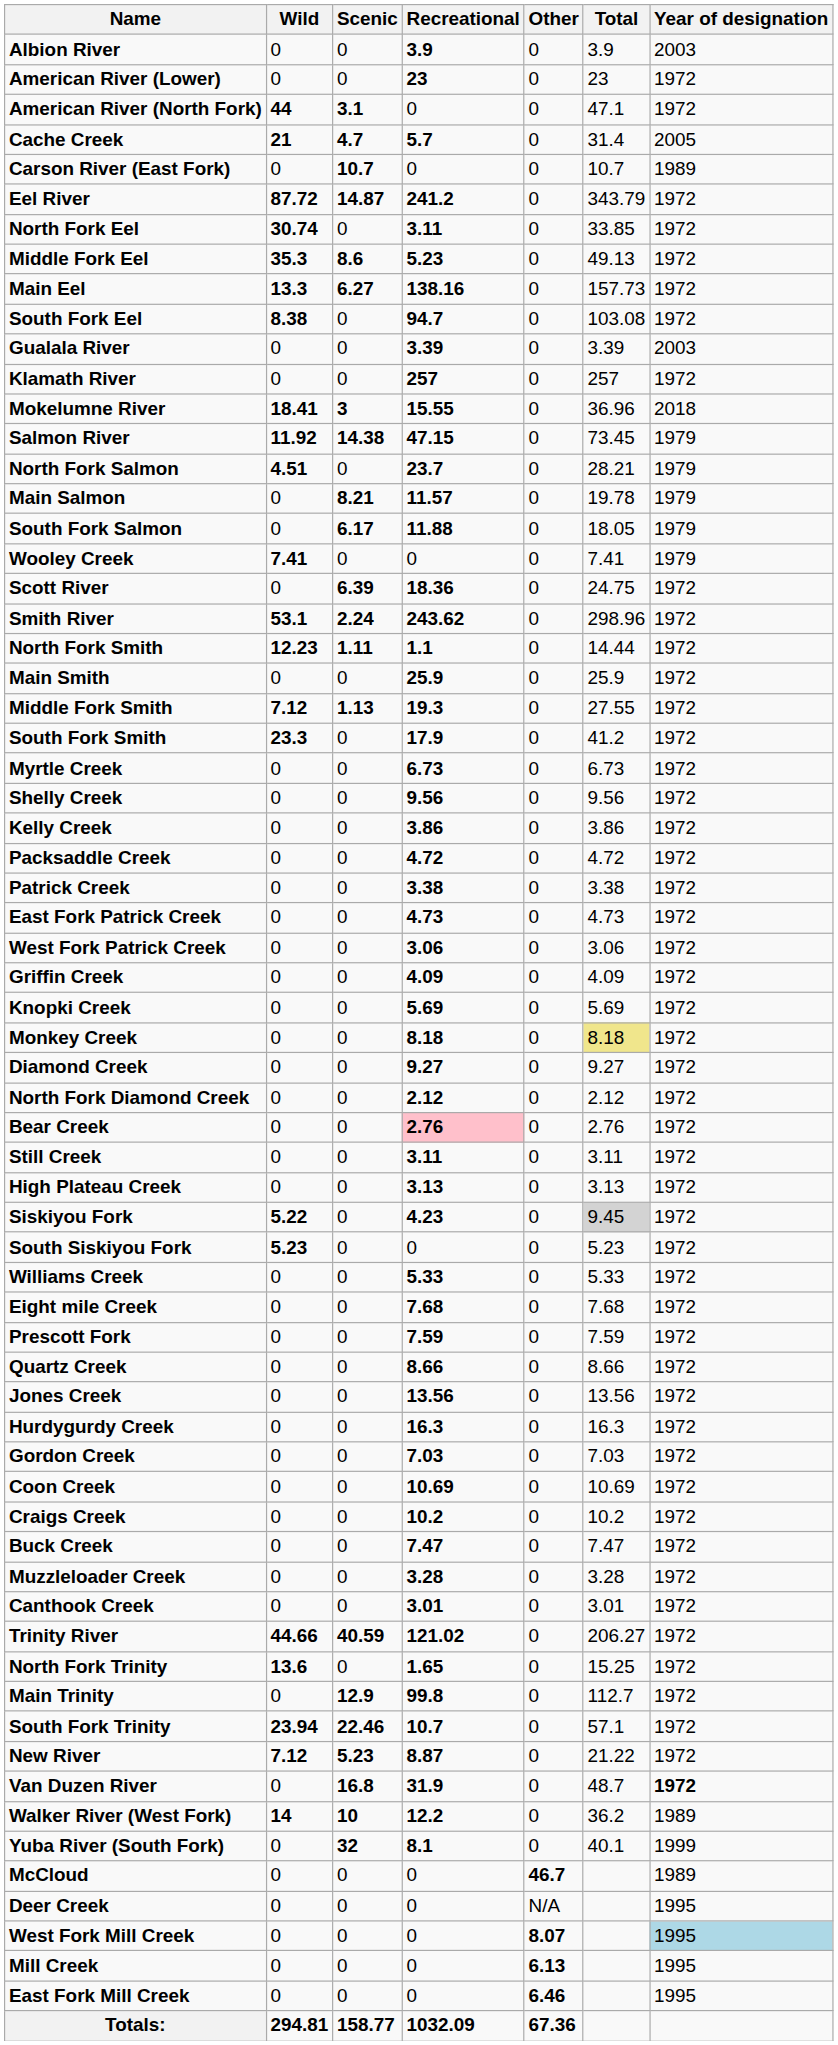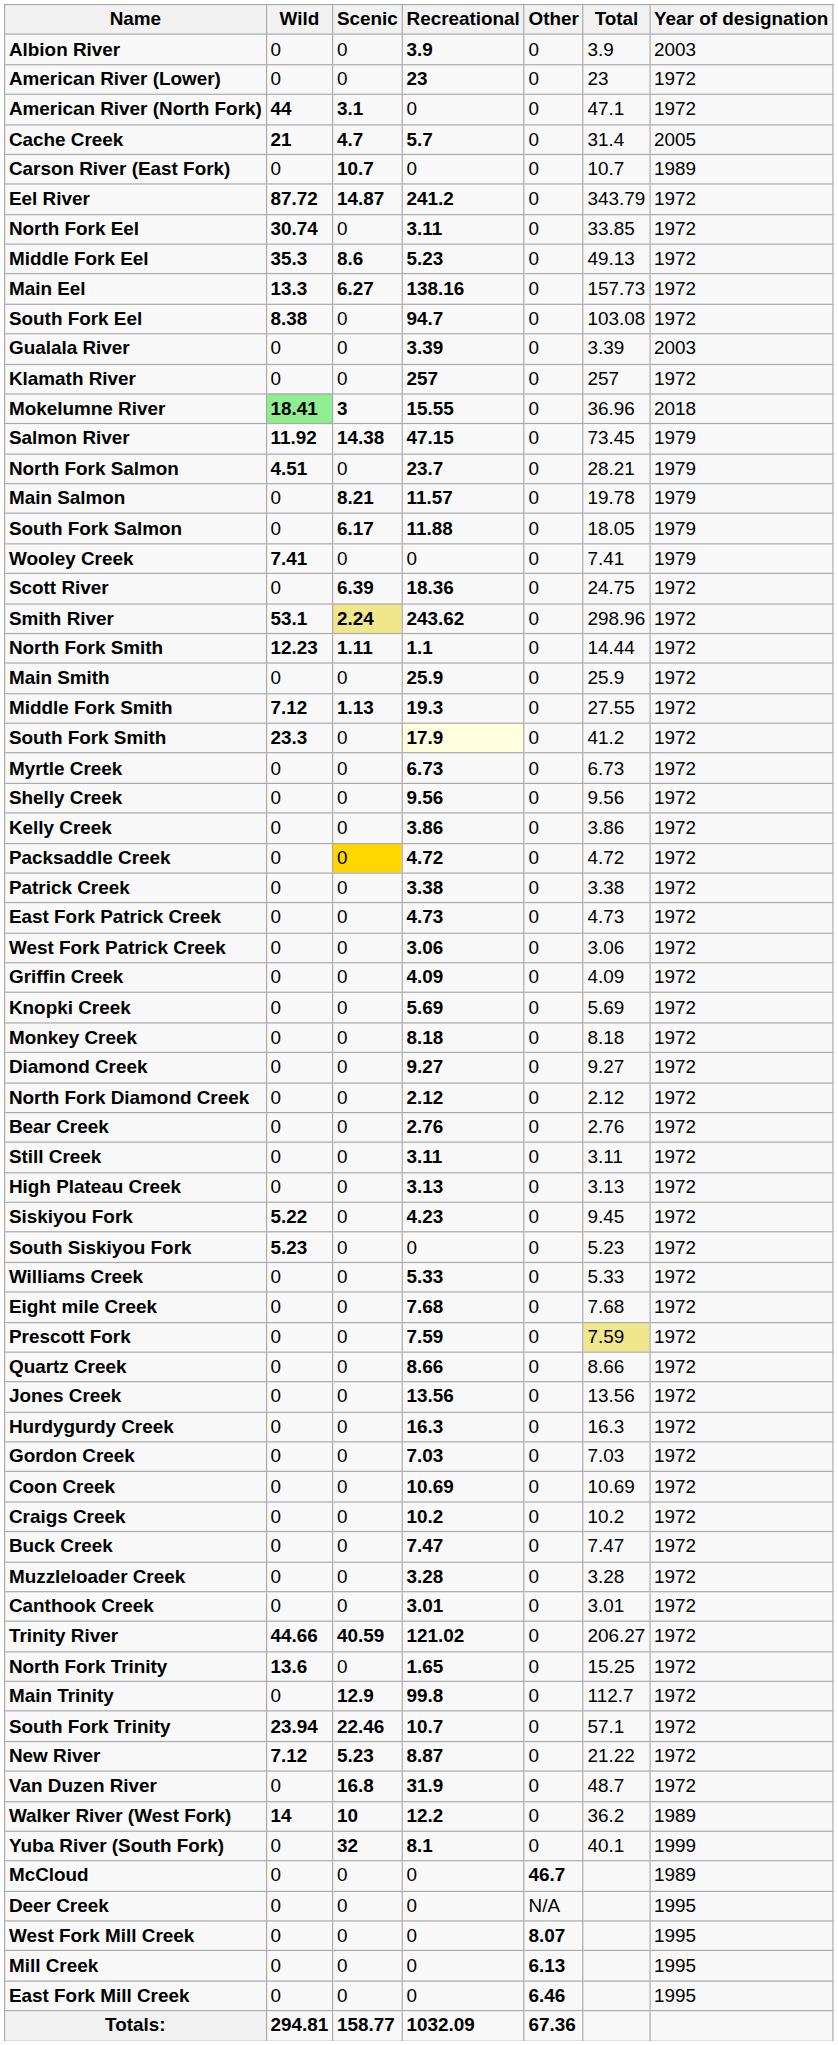 <table class="wikitable sortable mw-collapsible">
 <tr>
 <th><strong>Name</strong></th>
 <th><strong>Wild</strong></th>
 <th><strong>Scenic</strong></th>
 <th><strong>Recreational</strong></th>
 <th><strong>Other</strong></th>
 <th><strong>Total</strong></th>
 <th><strong>Year of designation</strong></th>
 </tr>
 <tr>
 <td><strong>Albion River</strong></td>
 <td>0</td>
 <td>0</td>
 <td><strong>3.9</strong></td>
 <td>0</td>
 <td>3.9</td>
 <td>2003</td>
 </tr>
 <tr>
 <td><strong>American River (Lower)</strong></td>
 <td>0</td>
 <td>0</td>
 <td><strong>23</strong></td>
 <td>0</td>
 <td>23</td>
 <td>1972</td>
 </tr>
 <tr>
 <td><strong>American River (North Fork)</strong></td>
 <td><strong>44</strong></td>
 <td><strong>3.1</strong></td>
 <td>0</td>
 <td>0</td>
 <td>47.1</td>
 <td>1972</td>
 </tr>
 <tr>
 <td><strong>Cache Creek</strong></td>
 <td><strong>21</strong></td>
 <td><strong>4.7</strong></td>
 <td><strong>5.7</strong></td>
 <td>0</td>
 <td>31.4</td>
 <td>2005</td>
 </tr>
 <tr>
 <td><strong>Carson River (East Fork)</strong></td>
 <td>0</td>
 <td><strong>10.7</strong></td>
 <td>0</td>
 <td>0</td>
 <td>10.7</td>
 <td>1989</td>
 </tr>
 <tr>
 <td><strong>Eel River</strong></td>
 <td><strong>87.72</strong></td>
 <td><strong>14.87</strong></td>
 <td><strong>241.2</strong></td>
 <td>0</td>
 <td>343.79</td>
 <td>1972</td>
 </tr>
 <tr>
 <td><strong>North Fork Eel</strong></td>
 <td><strong>30.74</strong></td>
 <td>0</td>
 <td><strong>3.11</strong></td>
 <td>0</td>
 <td>33.85</td>
 <td>1972</td>
 </tr>
 <tr>
 <td><strong>Middle Fork Eel</strong></td>
 <td><strong>35.3</strong></td>
 <td><strong>8.6</strong></td>
 <td><strong>5.23</strong></td>
 <td>0</td>
 <td>49.13</td>
 <td>1972</td>
 </tr>
 <tr>
 <td><strong>Main Eel</strong></td>
 <td><strong>13.3</strong></td>
 <td><strong>6.27</strong></td>
 <td><strong>138.16</strong></td>
 <td>0</td>
 <td>157.73</td>
 <td>1972</td>
 </tr>
 <tr>
 <td><strong>South Fork Eel</strong></td>
 <td><strong>8.38</strong></td>
 <td>0</td>
 <td><strong>94.7</strong></td>
 <td>0</td>
 <td>103.08</td>
 <td>1972</td>
 </tr>
 <tr>
 <td><strong>Gualala River</strong></td>
 <td>0</td>
 <td>0</td>
 <td><strong>3.39</strong></td>
 <td>0</td>
 <td>3.39</td>
 <td>2003</td>
 </tr>
 <tr>
 <td><strong>Klamath River</strong></td>
 <td>0</td>
 <td>0</td>
 <td><strong>257</strong></td>
 <td>0</td>
 <td>257</td>
 <td>1972</td>
 </tr>
 <tr>
 <td><strong>Mokelumne River</strong></td>
-<td><strong>18.41</strong></td>
+<td style="background: lightgreen;"><strong>18.41</strong></td>
 <td><strong>3</strong></td>
 <td><strong>15.55</strong></td>
 <td>0</td>
 <td>36.96</td>
 <td>2018</td>
 </tr>
 <tr>
 <td><strong>Salmon River</strong></td>
 <td><strong>11.92</strong></td>
 <td><strong>14.38</strong></td>
 <td><strong>47.15</strong></td>
 <td>0</td>
 <td>73.45</td>
 <td>1979</td>
 </tr>
 <tr>
 <td><strong>North Fork Salmon</strong></td>
 <td><strong>4.51</strong></td>
 <td>0</td>
 <td><strong>23.7</strong></td>
 <td>0</td>
 <td>28.21</td>
 <td>1979</td>
 </tr>
 <tr>
 <td><strong>Main Salmon</strong></td>
 <td>0</td>
 <td><strong>8.21</strong></td>
 <td><strong>11.57</strong></td>
 <td>0</td>
 <td>19.78</td>
 <td>1979</td>
 </tr>
 <tr>
 <td><strong>South Fork Salmon</strong></td>
 <td>0</td>
 <td><strong>6.17</strong></td>
 <td><strong>11.88</strong></td>
 <td>0</td>
 <td>18.05</td>
 <td>1979</td>
 </tr>
 <tr>
 <td><strong>Wooley Creek</strong></td>
 <td><strong>7.41</strong></td>
 <td>0</td>
 <td>0</td>
 <td>0</td>
 <td>7.41</td>
 <td>1979</td>
 </tr>
 <tr>
 <td><strong>Scott River</strong></td>
 <td>0</td>
 <td><strong>6.39</strong></td>
 <td><strong>18.36</strong></td>
 <td>0</td>
 <td>24.75</td>
 <td>1972</td>
 </tr>
 <tr>
 <td><strong>Smith River</strong></td>
 <td><strong>53.1</strong></td>
-<td><strong>2.24</strong></td>
+<td style="background: khaki;"><strong>2.24</strong></td>
 <td><strong>243.62</strong></td>
 <td>0</td>
 <td>298.96</td>
 <td>1972</td>
 </tr>
 <tr>
 <td><strong>North Fork Smith</strong></td>
 <td><strong>12.23</strong></td>
 <td><strong>1.11</strong></td>
 <td><strong>1.1</strong></td>
 <td>0</td>
 <td>14.44</td>
 <td>1972</td>
 </tr>
 <tr>
 <td><strong>Main Smith</strong></td>
 <td>0</td>
 <td>0</td>
 <td><strong>25.9</strong></td>
 <td>0</td>
 <td>25.9</td>
 <td>1972</td>
 </tr>
 <tr>
 <td><strong>Middle Fork Smith</strong></td>
 <td><strong>7.12</strong></td>
 <td><strong>1.13</strong></td>
 <td><strong>19.3</strong></td>
 <td>0</td>
 <td>27.55</td>
 <td>1972</td>
 </tr>
 <tr>
 <td><strong>South Fork Smith</strong></td>
 <td><strong>23.3</strong></td>
 <td>0</td>
-<td><strong>17.9</strong></td>
+<td style="background: lightyellow;"><strong>17.9</strong></td>
 <td>0</td>
 <td>41.2</td>
 <td>1972</td>
 </tr>
 <tr>
 <td><strong>Myrtle Creek</strong></td>
 <td>0</td>
 <td>0</td>
 <td><strong>6.73</strong></td>
 <td>0</td>
 <td>6.73</td>
 <td>1972</td>
 </tr>
 <tr>
 <td><strong>Shelly Creek</strong></td>
 <td>0</td>
 <td>0</td>
 <td><strong>9.56</strong></td>
 <td>0</td>
 <td>9.56</td>
 <td>1972</td>
 </tr>
 <tr>
 <td><strong>Kelly Creek</strong></td>
 <td>0</td>
 <td>0</td>
 <td><strong>3.86</strong></td>
 <td>0</td>
 <td>3.86</td>
 <td>1972</td>
 </tr>
 <tr>
 <td><strong>Packsaddle Creek</strong></td>
 <td>0</td>
-<td>0</td>
+<td style="background: gold;">0</td>
 <td><strong>4.72</strong></td>
 <td>0</td>
 <td>4.72</td>
 <td>1972</td>
 </tr>
 <tr>
 <td><strong>Patrick Creek</strong></td>
 <td>0</td>
 <td>0</td>
 <td><strong>3.38</strong></td>
 <td>0</td>
 <td>3.38</td>
 <td>1972</td>
 </tr>
 <tr>
 <td><strong>East Fork Patrick Creek</strong></td>
 <td>0</td>
 <td>0</td>
 <td><strong>4.73</strong></td>
 <td>0</td>
 <td>4.73</td>
 <td>1972</td>
 </tr>
 <tr>
 <td><strong>West Fork Patrick Creek</strong></td>
 <td>0</td>
 <td>0</td>
 <td><strong>3.06</strong></td>
 <td>0</td>
 <td>3.06</td>
 <td>1972</td>
 </tr>
 <tr>
 <td><strong>Griffin Creek</strong></td>
 <td>0</td>
 <td>0</td>
 <td><strong>4.09</strong></td>
 <td>0</td>
 <td>4.09</td>
 <td>1972</td>
 </tr>
 <tr>
 <td><strong>Knopki Creek</strong></td>
 <td>0</td>
 <td>0</td>
 <td><strong>5.69</strong></td>
 <td>0</td>
 <td>5.69</td>
 <td>1972</td>
 </tr>
 <tr>
 <td><strong>Monkey Creek</strong></td>
 <td>0</td>
 <td>0</td>
 <td><strong>8.18</strong></td>
 <td>0</td>
-<td style="background: khaki;">8.18</td>
+<td>8.18</td>
 <td>1972</td>
 </tr>
 <tr>
 <td><strong>Diamond Creek</strong></td>
 <td>0</td>
 <td>0</td>
 <td><strong>9.27</strong></td>
 <td>0</td>
 <td>9.27</td>
 <td>1972</td>
 </tr>
 <tr>
 <td><strong>North Fork Diamond Creek</strong></td>
 <td>0</td>
 <td>0</td>
 <td><strong>2.12</strong></td>
 <td>0</td>
 <td>2.12</td>
 <td>1972</td>
 </tr>
 <tr>
 <td><strong>Bear Creek</strong></td>
 <td>0</td>
 <td>0</td>
-<td style="background: pink;"><strong>2.76</strong></td>
+<td><strong>2.76</strong></td>
 <td>0</td>
 <td>2.76</td>
 <td>1972</td>
 </tr>
 <tr>
 <td><strong>Still Creek</strong></td>
 <td>0</td>
 <td>0</td>
 <td><strong>3.11</strong></td>
 <td>0</td>
 <td>3.11</td>
 <td>1972</td>
 </tr>
 <tr>
 <td><strong>High Plateau Creek</strong></td>
 <td>0</td>
 <td>0</td>
 <td><strong>3.13</strong></td>
 <td>0</td>
 <td>3.13</td>
 <td>1972</td>
 </tr>
 <tr>
 <td><strong>Siskiyou Fork</strong></td>
 <td><strong>5.22</strong></td>
 <td>0</td>
 <td><strong>4.23</strong></td>
 <td>0</td>
-<td style="background: lightgrey;">9.45</td>
+<td>9.45</td>
 <td>1972</td>
 </tr>
 <tr>
 <td><strong>South Siskiyou Fork</strong></td>
 <td><strong>5.23</strong></td>
 <td>0</td>
 <td>0</td>
 <td>0</td>
 <td>5.23</td>
 <td>1972</td>
 </tr>
 <tr>
 <td><strong>Williams Creek</strong></td>
 <td>0</td>
 <td>0</td>
 <td><strong>5.33</strong></td>
 <td>0</td>
 <td>5.33</td>
 <td>1972</td>
 </tr>
 <tr>
 <td><strong>Eight mile Creek</strong></td>
 <td>0</td>
 <td>0</td>
 <td><strong>7.68</strong></td>
 <td>0</td>
 <td>7.68</td>
 <td>1972</td>
 </tr>
 <tr>
 <td><strong>Prescott Fork</strong></td>
 <td>0</td>
 <td>0</td>
 <td><strong>7.59</strong></td>
 <td>0</td>
-<td>7.59</td>
+<td style="background: khaki;">7.59</td>
 <td>1972</td>
 </tr>
 <tr>
 <td><strong>Quartz Creek</strong></td>
 <td>0</td>
 <td>0</td>
 <td><strong>8.66</strong></td>
 <td>0</td>
 <td>8.66</td>
 <td>1972</td>
 </tr>
 <tr>
 <td><strong>Jones Creek</strong></td>
 <td>0</td>
 <td>0</td>
 <td><strong>13.56</strong></td>
 <td>0</td>
 <td>13.56</td>
 <td>1972</td>
 </tr>
 <tr>
 <td><strong>Hurdygurdy Creek</strong></td>
 <td>0</td>
 <td>0</td>
 <td><strong>16.3</strong></td>
 <td>0</td>
 <td>16.3</td>
 <td>1972</td>
 </tr>
 <tr>
 <td><strong>Gordon Creek</strong></td>
 <td>0</td>
 <td>0</td>
 <td><strong>7.03</strong></td>
 <td>0</td>
 <td>7.03</td>
 <td>1972</td>
 </tr>
 <tr>
 <td><strong>Coon Creek</strong></td>
 <td>0</td>
 <td>0</td>
 <td><strong>10.69</strong></td>
 <td>0</td>
 <td>10.69</td>
 <td>1972</td>
 </tr>
 <tr>
 <td><strong>Craigs Creek</strong></td>
 <td>0</td>
 <td>0</td>
 <td><strong>10.2</strong></td>
 <td>0</td>
 <td>10.2</td>
 <td>1972</td>
 </tr>
 <tr>
 <td><strong>Buck Creek</strong></td>
 <td>0</td>
 <td>0</td>
 <td><strong>7.47</strong></td>
 <td>0</td>
 <td>7.47</td>
 <td>1972</td>
 </tr>
 <tr>
 <td><strong>Muzzleloader Creek</strong></td>
 <td>0</td>
 <td>0</td>
 <td><strong>3.28</strong></td>
 <td>0</td>
 <td>3.28</td>
 <td>1972</td>
 </tr>
 <tr>
 <td><strong>Canthook Creek</strong></td>
 <td>0</td>
 <td>0</td>
 <td><strong>3.01</strong></td>
 <td>0</td>
 <td>3.01</td>
 <td>1972</td>
 </tr>
 <tr>
 <td><strong>Trinity River</strong></td>
 <td><strong>44.66</strong></td>
 <td><strong>40.59</strong></td>
 <td><strong>121.02</strong></td>
 <td>0</td>
 <td>206.27</td>
 <td>1972</td>
 </tr>
 <tr>
 <td><strong>North Fork Trinity</strong></td>
 <td><strong>13.6</strong></td>
 <td>0</td>
 <td><strong>1.65</strong></td>
 <td>0</td>
 <td>15.25</td>
 <td>1972</td>
 </tr>
 <tr>
 <td><strong>Main Trinity</strong></td>
 <td>0</td>
 <td><strong>12.9</strong></td>
 <td><strong>99.8</strong></td>
 <td>0</td>
 <td>112.7</td>
 <td>1972</td>
 </tr>
 <tr>
 <td><strong>South Fork Trinity</strong></td>
 <td><strong>23.94</strong></td>
 <td><strong>22.46</strong></td>
 <td><strong>10.7</strong></td>
 <td>0</td>
 <td>57.1</td>
 <td>1972</td>
 </tr>
 <tr>
 <td><strong>New River</strong></td>
 <td><strong>7.12</strong></td>
 <td><strong>5.23</strong></td>
 <td><strong>8.87</strong></td>
 <td>0</td>
 <td>21.22</td>
 <td>1972</td>
 </tr>
 <tr>
 <td><strong>Van Duzen River</strong></td>
 <td>0</td>
 <td><strong>16.8</strong></td>
 <td><strong>31.9</strong></td>
 <td>0</td>
 <td>48.7</td>
-<td><strong>1972</strong></td>
+<td>1972</td>
 </tr>
 <tr>
 <td><strong>Walker River (West Fork)</strong></td>
 <td><strong>14</strong></td>
 <td><strong>10</strong></td>
 <td><strong>12.2</strong></td>
 <td>0</td>
 <td>36.2</td>
 <td>1989</td>
 </tr>
 <tr>
 <td><strong>Yuba River (South Fork)</strong></td>
 <td>0</td>
 <td><strong>32</strong></td>
 <td><strong>8.1</strong></td>
 <td>0</td>
 <td>40.1</td>
 <td>1999</td>
 </tr>
 <tr>
 <td><strong>McCloud</strong></td>
 <td>0</td>
 <td>0</td>
 <td>0</td>
 <td><strong>46.7</strong></td>
 <td></td>
 <td>1989</td>
 </tr>
 <tr>
 <td><strong>Deer Creek</strong></td>
 <td>0</td>
 <td>0</td>
 <td>0</td>
 <td>N/A</td>
 <td></td>
 <td>1995</td>
 </tr>
 <tr>
 <td><strong>West Fork Mill Creek</strong></td>
 <td>0</td>
 <td>0</td>
 <td>0</td>
 <td><strong>8.07</strong></td>
 <td></td>
-<td style="background: lightblue;">1995</td>
+<td>1995</td>
 </tr>
 <tr>
 <td><strong>Mill Creek</strong></td>
 <td>0</td>
 <td>0</td>
 <td>0</td>
 <td><strong>6.13</strong></td>
 <td></td>
 <td>1995</td>
 </tr>
 <tr>
 <td><strong>East Fork Mill Creek</strong></td>
 <td>0</td>
 <td>0</td>
 <td>0</td>
 <td><strong>6.46</strong></td>
 <td></td>
 <td>1995</td>
 </tr>
 <tr>
 <th><strong>Totals:</strong></th>
 <td><strong>294.81</strong></td>
 <td><strong>158.77</strong></td>
 <td><strong>1032.09</strong></td>
 <td><strong>67.36</strong></td>
 <td></td>
 </tr>
 </table>
